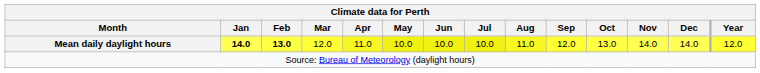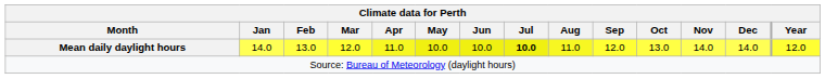 <table style="width:90%;text-align:center;font-size:90%;line-height:1.2em;margin-left:auto;margin-right:auto" class="wikitable">
 <tr>
 <th Colspan=14>Climate data for Perth</th>
 </tr>
 <tr>
 <th>Month</th>
 <th>Jan</th>
 <th>Feb</th>
 <th>Mar</th>
 <th>Apr</th>
 <th>May</th>
 <th>Jun</th>
 <th>Jul</th>
 <th>Aug</th>
 <th>Sep</th>
 <th>Oct</th>
 <th>Nov</th>
 <th>Dec</th>
 <th style="border-left-width:medium">Year</th>
 </tr>
 <tr>
 <th>Mean daily daylight hours</th>
-<td style="background:#ff5; color:#000;"><strong>14.0</strong></td>
-<td style="background:#ff4; color:#000;"><strong>13.0</strong></td>
+<td style="background:#ff5; color:#000;">14.0</td>
+<td style="background:#ff4; color:#000;">13.0</td>
 <td style="background:#ff3; color:#000;">12.0</td>
 <td style="background:#f7f722; color:#000;">11.0</td>
 <td style="background:#f0f011; color:#000;">10.0</td>
 <td style="background:#f0f011; color:#000;">10.0</td>
-<td style="background:#f0f011; color:#000;">10.0</td>
+<td style="background:#f0f011; color:#000;"><strong>10.0</strong></td>
 <td style="background:#f7f722; color:#000;">11.0</td>
 <td style="background:#ff3; color:#000;">12.0</td>
 <td style="background:#ff4; color:#000;">13.0</td>
 <td style="background:#ff5; color:#000;">14.0</td>
 <td style="background:#ff5; color:#000;">14.0</td>
 <td style="background:#ff3; color:#000; border-left-width:medium;">12.0</td>
 </tr>
 <tr>
 <th Colspan=14 style="background:#f8f9fa;font-weight:normal;font-size:95%;">Source: <a href='#'>Bureau of Meteorology</a> (daylight hours)</th>
 </tr>
 </table>
